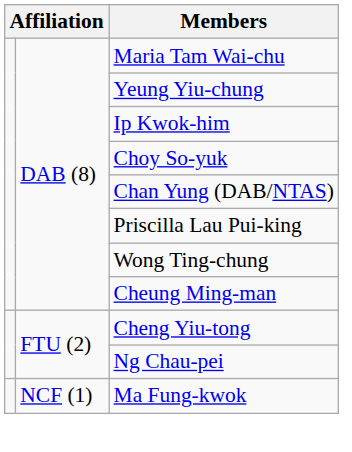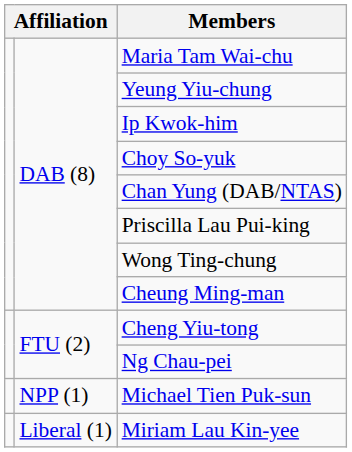 <table class="wikitable">
 <tr>
 <th colspan=2>Affiliation</th>
 <th>Members</th>
 </tr>
 <tr>
 <td rowspan=8></td>
 <td rowspan=8><a href='#'>DAB</a> (8)</td>
 <td><a href='#'>Maria Tam Wai-chu</a></td>
 </tr>
 <tr>
 <td><a href='#'>Yeung Yiu-chung</a></td>
 </tr>
 <tr>
 <td><a href='#'>Ip Kwok-him</a></td>
 </tr>
 <tr>
 <td><a href='#'>Choy So-yuk</a></td>
 </tr>
 <tr>
 <td><a href='#'>Chan Yung</a> (DAB/<a href='#'>NTAS</a>)</td>
 </tr>
 <tr>
 <td>Priscilla Lau Pui-king</td>
 </tr>
 <tr>
 <td>Wong Ting-chung</td>
 </tr>
 <tr>
 <td><a href='#'>Cheung Ming-man</a></td>
 </tr>
 <tr>
 <td rowspan=2></td>
 <td rowspan=2><a href='#'>FTU</a> (2)</td>
 <td><a href='#'>Cheng Yiu-tong</a></td>
 </tr>
 <tr>
 <td><a href='#'>Ng Chau-pei</a></td>
 </tr>
 <tr>
 <td></td>
-<td><a href='#'>NCF</a> (1)</td>
-<td><a href='#'>Ma Fung-kwok</a></td>
+<td><a href='#'>NPP</a> (1)</td>
+<td><a href='#'>Michael Tien Puk-sun</a></td>
+</tr>
+<tr>
+<td></td>
+<td><a href='#'>Liberal</a> (1)</td>
+<td><a href='#'>Miriam Lau Kin-yee</a></td>
 </tr>
 </table>
